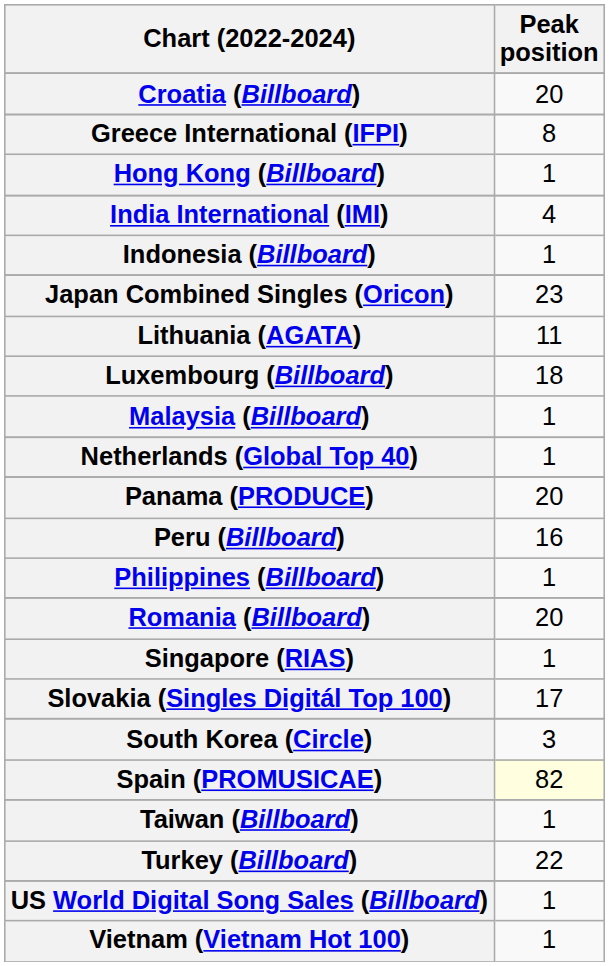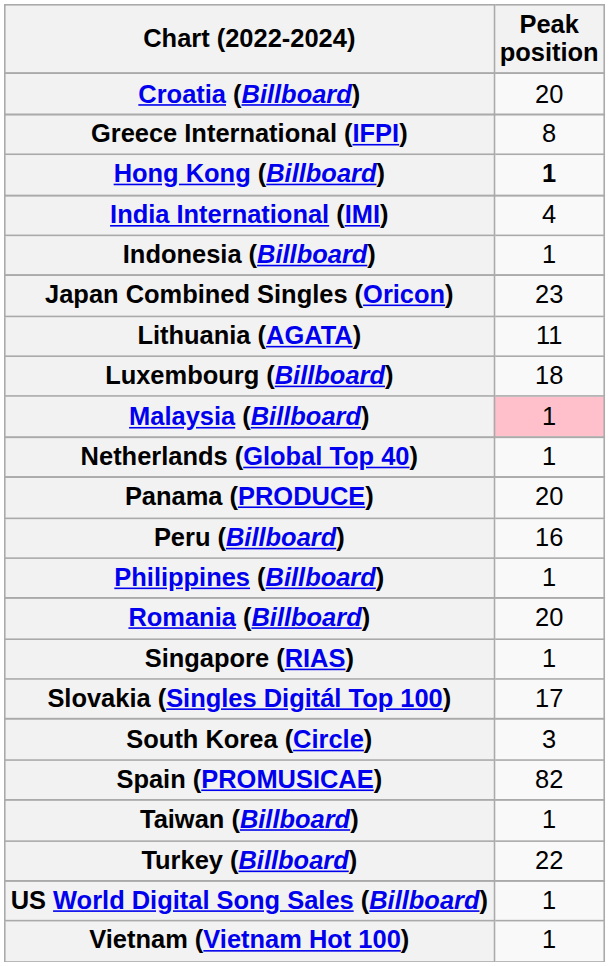 <table class="wikitable sortable plainrowheaders" style="text-align:center">
 <tr>
 <th scope="col">Chart (2022-2024)</th>
 <th scope="col">Peak<br>position</th>
 </tr>
 <tr>
 </tr>
 <tr>
 </tr>
 <tr>
 </tr>
 <tr>
 </tr>
 <tr>
 <th scope="row"><a href='#'>Croatia</a> (<em><a href='#'>Billboard</a></em>)</th>
 <td>20</td>
 </tr>
 <tr>
 </tr>
 <tr>
 </tr>
 <tr>
 </tr>
 <tr>
 </tr>
 <tr>
 <th scope="row">Greece International (<a href='#'>IFPI</a>)</th>
 <td>8</td>
 </tr>
 <tr>
 <th scope="row"><a href='#'>Hong Kong</a> (<em><a href='#'>Billboard</a></em>)</th>
-<td>1</td>
+<td><strong>1</strong></td>
 </tr>
 <tr>
 </tr>
 <tr>
 </tr>
 <tr>
 <th scope="row"><a href='#'>India International</a> (<a href='#'>IMI</a>)</th>
 <td>4</td>
 </tr>
 <tr>
 <th scope="row">Indonesia (<em><a href='#'>Billboard</a></em>)</th>
 <td>1</td>
 </tr>
 <tr>
 </tr>
 <tr>
 </tr>
 <tr>
 <th scope="row">Japan Combined Singles (<a href='#'>Oricon</a>)</th>
 <td>23</td>
 </tr>
 <tr>
 <th scope="row">Lithuania (<a href='#'>AGATA</a>)</th>
 <td>11</td>
 </tr>
 <tr>
 <th scope="row">Luxembourg (<em><a href='#'>Billboard</a></em>)</th>
 <td>18</td>
 </tr>
 <tr>
 <th scope="row"><a href='#'>Malaysia</a> (<em><a href='#'>Billboard</a></em>)</th>
-<td>1</td>
+<td style="background: pink;">1</td>
 </tr>
 <tr>
 </tr>
 <tr>
 <th scope="row">Netherlands (<a href='#'>Global Top 40</a>)</th>
 <td>1</td>
 </tr>
 <tr>
 </tr>
 <tr>
 <th scope="row">Panama (<a href='#'>PRODUCE</a>)</th>
 <td>20</td>
 </tr>
 <tr>
 <th scope="row">Peru (<em><a href='#'>Billboard</a></em>)</th>
 <td>16</td>
 </tr>
 <tr>
 <th scope="row"><a href='#'>Philippines</a> (<em><a href='#'>Billboard</a></em>)</th>
 <td>1</td>
 </tr>
 <tr>
 </tr>
 <tr>
 <th scope="row"><a href='#'>Romania</a> (<em><a href='#'>Billboard</a></em>)</th>
 <td>20</td>
 </tr>
 <tr>
 <th scope="row">Singapore (<a href='#'>RIAS</a>)</th>
 <td>1</td>
 </tr>
 <tr>
 <th scope="row">Slovakia (<a href='#'>Singles Digitál Top 100</a>)</th>
 <td>17</td>
 </tr>
 <tr>
 </tr>
 <tr>
 <th scope="row">South Korea (<a href='#'>Circle</a>)</th>
 <td>3</td>
 </tr>
 <tr>
 <th scope="row">Spain (<a href='#'>PROMUSICAE</a>)</th>
-<td style="background: lightyellow;">82</td>
+<td>82</td>
 </tr>
 <tr>
 </tr>
 <tr>
 </tr>
 <tr>
 <th scope="row">Taiwan (<em><a href='#'>Billboard</a></em>)</th>
 <td>1</td>
 </tr>
 <tr>
 <th scope="row">Turkey (<em><a href='#'>Billboard</a></em>)</th>
 <td>22</td>
 </tr>
 <tr>
 </tr>
 <tr>
 </tr>
 <tr>
 <th scope="row">US <a href='#'>World Digital Song Sales</a> (<em><a href='#'>Billboard</a></em>)</th>
 <td>1</td>
 </tr>
 <tr>
 <th scope="row">Vietnam (<a href='#'>Vietnam Hot 100</a>)</th>
 <td>1</td>
 </tr>
 </table>
